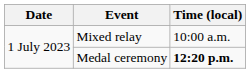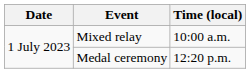 <table class="wikitable">
 <tr>
 <th>Date</th>
 <th>Event</th>
 <th>Time (local)</th>
 </tr>
 <tr>
 <td rowspan="2">1 July 2023</td>
 <td>Mixed relay</td>
 <td>10:00 a.m.</td>
 </tr>
 <tr>
 <td>Medal ceremony</td>
-<td><strong>12:20 p.m.</strong></td>
+<td>12:20 p.m.</td>
 </tr>
 </table>
